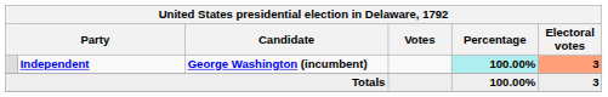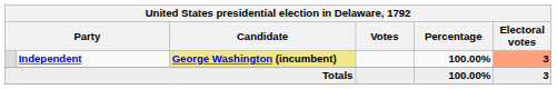 <table class="wikitable" style="font-size: 95%;">
 <tr>
 <th colspan="6">United States presidential election in Delaware, 1792</th>
 </tr>
 <tr>
 <th colspan="2" style="width: 15em">Party</th>
 <th style="width: 17em">Candidate</th>
 <th style="width: 5em">Votes</th>
 <th style="width: 7em">Percentage</th>
 <th style="width: 5em">Electoral votes</th>
 </tr>
 <tr>
 <th style="background-color:#DDDDDD; width: 3px"></th>
 <td style="width: 130px"><strong><a href='#'>Independent</a></strong></td>
-<td><strong><a href='#'>George Washington</a></strong> <strong>(incumbent)</strong></td>
+<td style="background: khaki;"><strong><a href='#'>George Washington</a></strong> <strong>(incumbent)</strong></td>
 <td align="right"></td>
-<td align="right" style="background: paleturquoise;"><strong>100.00%</strong></td>
+<td align="right"><strong>100.00%</strong></td>
 <td align="right" style="background: lightsalmon;"><strong>3</strong></td>
 </tr>
 <tr>
 </tr>
 <tr bgcolor="#EEEEEE">
 <td colspan="3" align="right"><strong>Totals</strong></td>
 <td align="right"></td>
 <td align="right"><strong>100.00%</strong></td>
 <td align="right"><strong>3</strong></td>
 </tr>
 <tr>
 </tr>
 </table>
